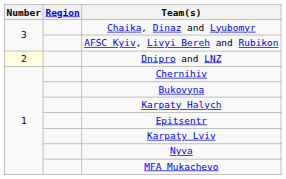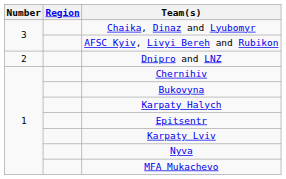 <table class="wikitable" style="text-align:center">
 <tr>
 <th>Number</th>
 <th><a href='#'>Region</a></th>
 <th>Team(s)</th>
 </tr>
 <tr>
 <td rowspan="2">3</td>
 <td align="left"></td>
 <td><a href='#'>Chaika</a>, <a href='#'>Dinaz</a> and <a href='#'>Lyubomyr</a></td>
 </tr>
 <tr>
 <td align="left"></td>
 <td><a href='#'>AFSC Kyiv</a>, <a href='#'>Livyi Bereh</a> and <a href='#'>Rubikon</a></td>
 </tr>
 <tr>
-<td rowspan="1" style="background: lightyellow;">2</td>
+<td rowspan="1">2</td>
 <td align="left"></td>
 <td><a href='#'>Dnipro</a> and <a href='#'>LNZ</a></td>
 </tr>
 <tr>
 <td rowspan="10">1</td>
 <td align="left"></td>
 <td><a href='#'>Chernihiv</a></td>
 </tr>
 <tr>
 <td align="left"></td>
 <td><a href='#'>Bukovyna</a></td>
 </tr>
 <tr>
 <td align="left"></td>
 <td><a href='#'>Karpaty Halych</a></td>
 </tr>
 <tr>
 <td align="left"></td>
 <td><a href='#'>Epitsentr</a></td>
 </tr>
 <tr>
 <td align="left"></td>
 <td><a href='#'>Karpaty Lviv</a></td>
 </tr>
 <tr>
 <td align="left"></td>
 <td><a href='#'>Nyva</a></td>
 </tr>
 <tr>
 <td align="left"></td>
 <td><a href='#'>MFA Mukachevo</a></td>
 </tr>
 </table>
